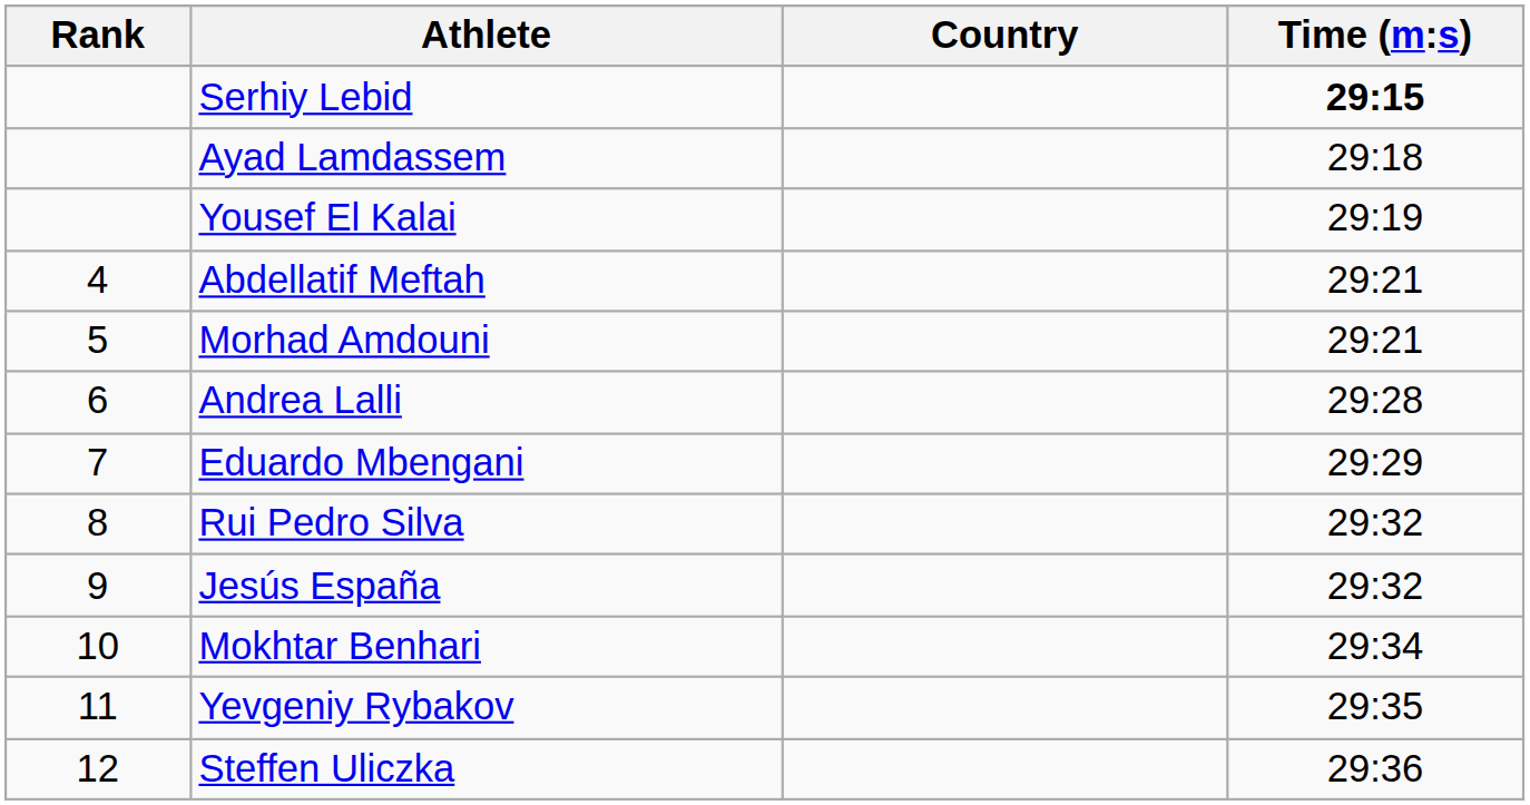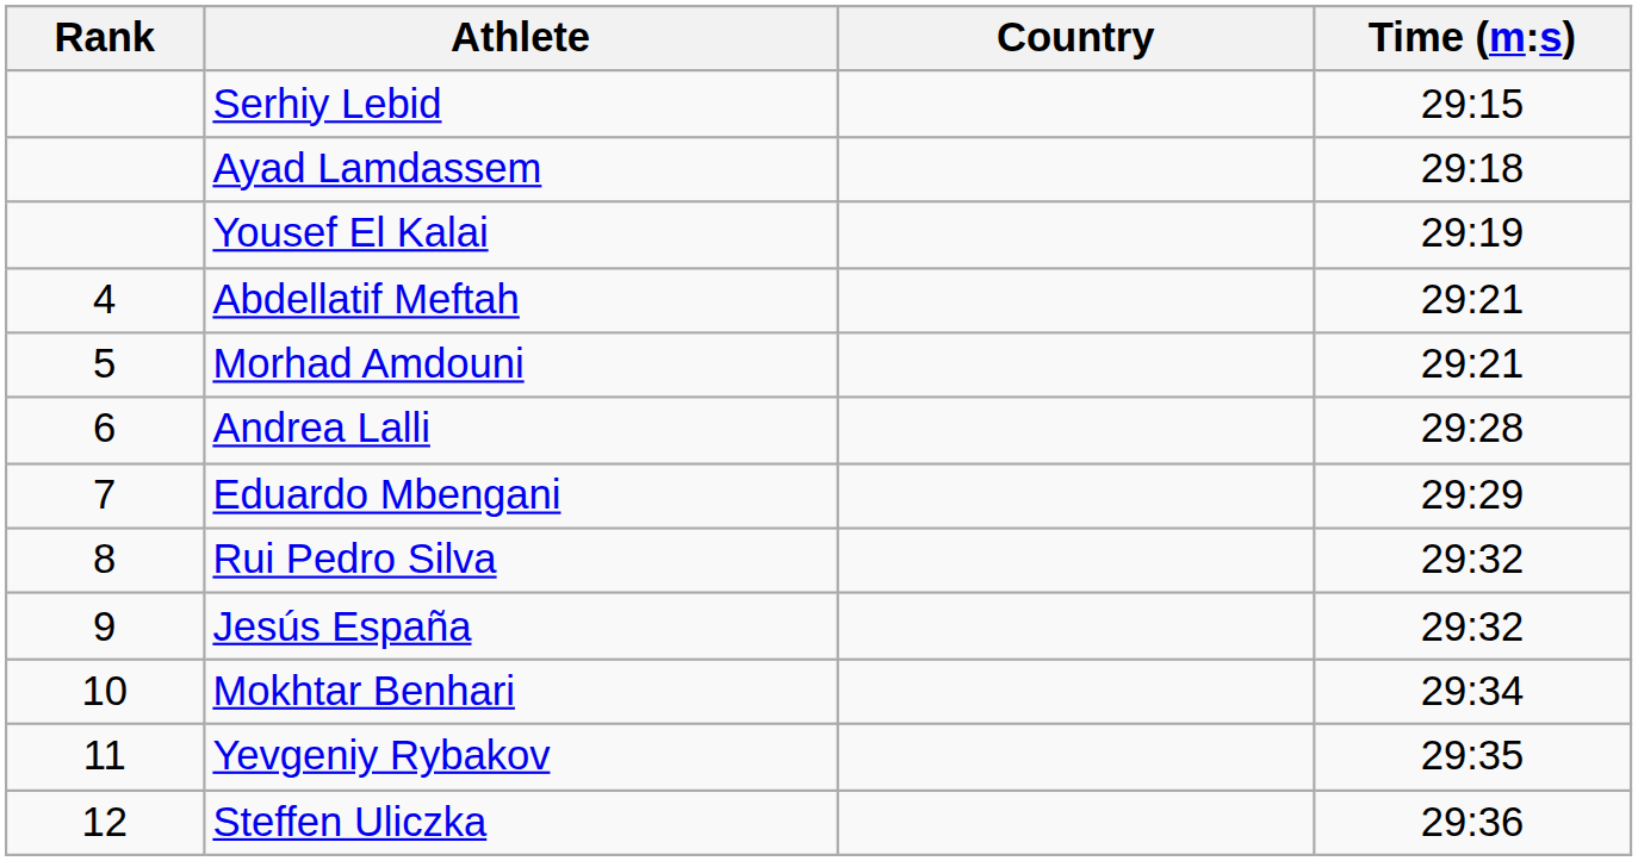 <table class="wikitable" width=50%>
 <tr>
 </tr>
 <tr>
 <th width=5%>Rank</th>
 <th width=20%>Athlete</th>
 <th width=15%>Country</th>
 <th width=10%>Time (<a href='#'>m</a>:<a href='#'>s</a>)</th>
 </tr>
 <tr align="center">
 <td></td>
 <td align="left"><a href='#'>Serhiy Lebid</a></td>
 <td align="left"></td>
-<td><strong>29:15</strong></td>
+<td>29:15</td>
 </tr>
 <tr align="center">
 <td></td>
 <td align="left"><a href='#'>Ayad Lamdassem</a></td>
 <td align="left"></td>
 <td>29:18</td>
 </tr>
 <tr align="center">
 <td></td>
 <td align="left"><a href='#'>Yousef El Kalai</a></td>
 <td align="left"></td>
 <td>29:19</td>
 </tr>
 <tr align="center">
 <td>4</td>
 <td align="left"><a href='#'>Abdellatif Meftah</a></td>
 <td align="left"></td>
 <td>29:21</td>
 </tr>
 <tr align="center">
 <td>5</td>
 <td align="left"><a href='#'>Morhad Amdouni</a></td>
 <td align="left"></td>
 <td>29:21</td>
 </tr>
 <tr align="center">
 <td>6</td>
 <td align="left"><a href='#'>Andrea Lalli</a></td>
 <td align="left"></td>
 <td>29:28</td>
 </tr>
 <tr align="center">
 <td>7</td>
 <td align="left"><a href='#'>Eduardo Mbengani</a></td>
 <td align="left"></td>
 <td>29:29</td>
 </tr>
 <tr align="center">
 <td>8</td>
 <td align="left"><a href='#'>Rui Pedro Silva</a></td>
 <td align="left"></td>
 <td>29:32</td>
 </tr>
 <tr align="center">
 <td>9</td>
 <td align="left"><a href='#'>Jesús España</a></td>
 <td align="left"></td>
 <td>29:32</td>
 </tr>
 <tr align="center">
 <td>10</td>
 <td align="left"><a href='#'>Mokhtar Benhari</a></td>
 <td align="left"></td>
 <td>29:34</td>
 </tr>
 <tr align="center">
 <td>11</td>
 <td align="left"><a href='#'>Yevgeniy Rybakov</a></td>
 <td align="left"></td>
 <td>29:35</td>
 </tr>
 <tr align="center">
 <td>12</td>
 <td align="left"><a href='#'>Steffen Uliczka</a></td>
 <td align="left"></td>
 <td>29:36</td>
 </tr>
 </table>
